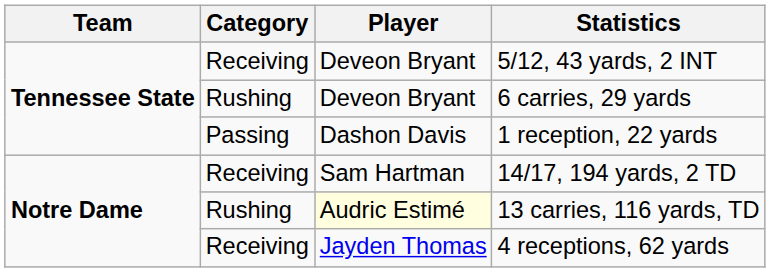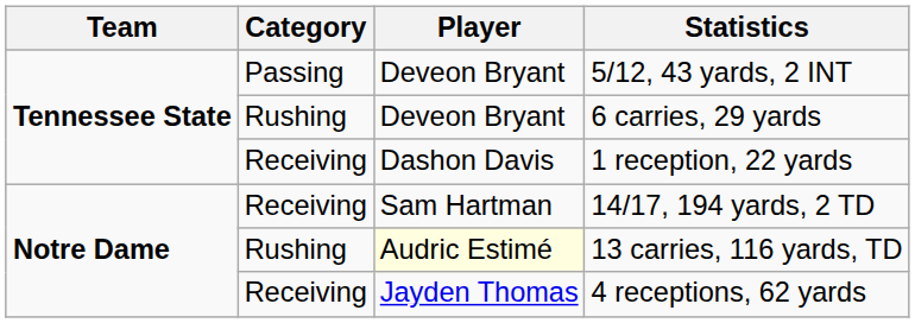 <table class="wikitable" style="float: right;">
 <tr>
 <th>Team</th>
 <th>Category</th>
 <th>Player</th>
 <th>Statistics</th>
 </tr>
 <tr>
 <td rowspan=3><strong>Tennessee State</strong></td>
-<td>Receiving</td>
+<td>Passing</td>
 <td>Deveon Bryant</td>
 <td>5/12, 43 yards, 2 INT</td>
 </tr>
 <tr>
 <td>Rushing</td>
 <td>Deveon Bryant</td>
 <td>6 carries, 29 yards</td>
 </tr>
 <tr>
-<td>Passing</td>
+<td>Receiving</td>
 <td>Dashon Davis</td>
 <td>1 reception, 22 yards</td>
 </tr>
 <tr>
 <td rowspan=3><strong>Notre Dame</strong></td>
 <td>Receiving</td>
 <td>Sam Hartman</td>
 <td>14/17, 194 yards, 2 TD</td>
 </tr>
 <tr>
 <td>Rushing</td>
 <td style="background: lightyellow;">Audric Estimé</td>
 <td>13 carries, 116 yards, TD</td>
 </tr>
 <tr>
 <td>Receiving</td>
 <td><a href='#'>Jayden Thomas</a></td>
 <td>4 receptions, 62 yards</td>
 </tr>
 </table>
